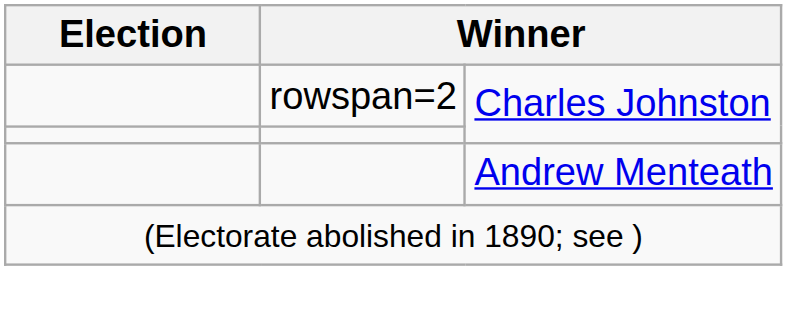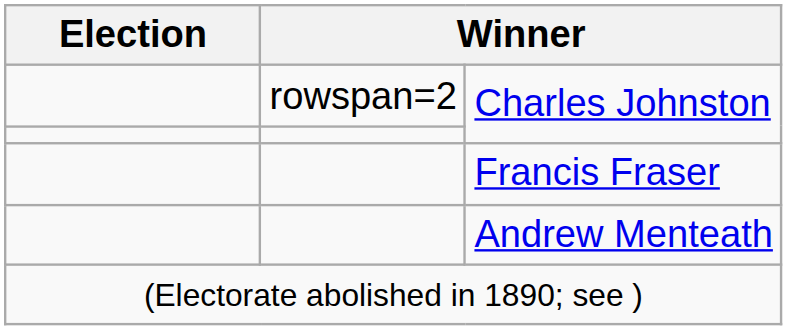 <table class=wikitable>
 <tr>
 <th width=100>Election</th>
 <th width=175 colspan=2>Winner</th>
 </tr>
 <tr>
 <td></td>
 <td>rowspan=2 </td>
 <td rowspan=2><a href='#'>Charles Johnston</a></td>
 </tr>
 <tr>
 <td></td>
 </tr>
 <tr>
 <td></td>
 <td></td>
+<td><a href='#'>Francis Fraser</a></td>
+</tr>
+<tr>
+<td></td>
+<td></td>
 <td><a href='#'>Andrew Menteath</a></td>
 </tr>
 <tr>
 <td colspan=3 align=center><small>(Electorate abolished in 1890; see )</small></td>
 </tr>
 </table>
